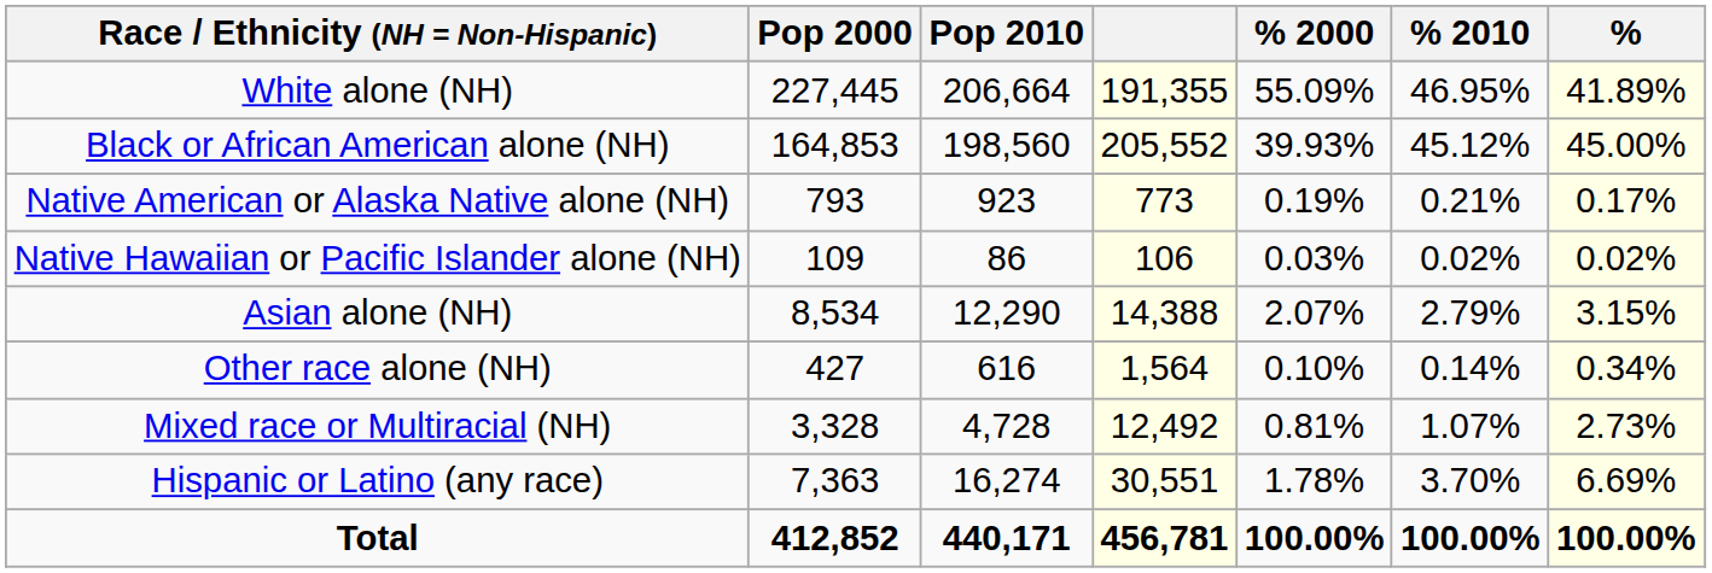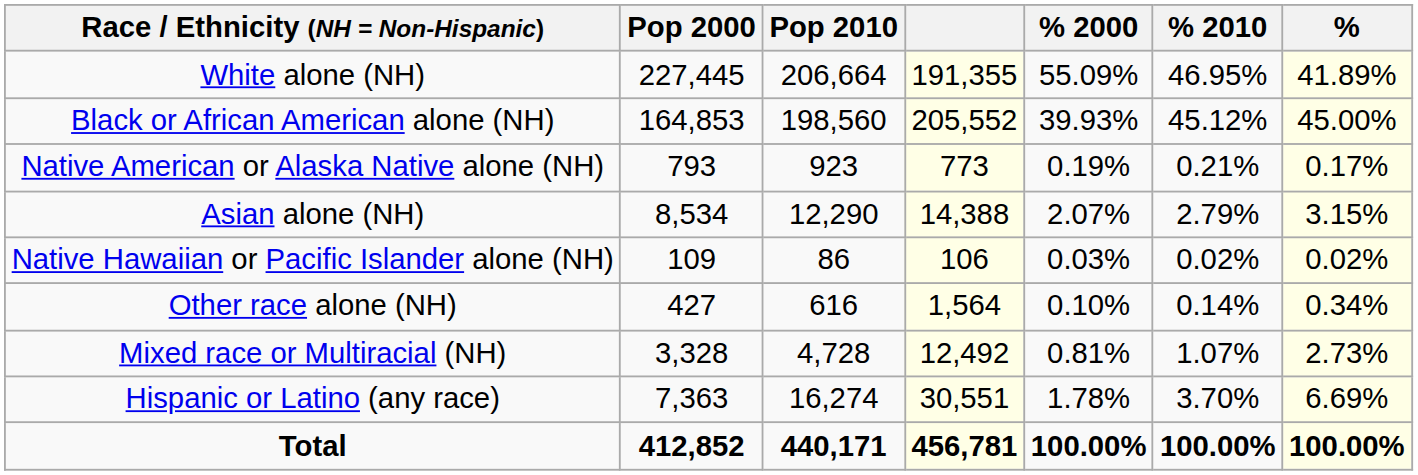 <table class="wikitable" style="text-align:center;">
 <tr>
 <th>Race / Ethnicity <small>(<em>NH = Non-Hispanic</em>)</small></th>
 <th>Pop 2000</th>
 <th>Pop 2010</th>
 <th></th>
 <th>% 2000</th>
 <th>% 2010</th>
 <th>% </th>
 </tr>
 <tr>
 <td><a href='#'>White</a> alone (NH)</td>
 <td>227,445</td>
 <td>206,664</td>
 <td style='background: #ffffe6;'>191,355</td>
 <td>55.09%</td>
 <td>46.95%</td>
 <td style='background: #ffffe6;'>41.89%</td>
 </tr>
 <tr>
 <td><a href='#'>Black or African American</a> alone (NH)</td>
 <td>164,853</td>
 <td>198,560</td>
 <td style='background: #ffffe6;'>205,552</td>
 <td>39.93%</td>
 <td>45.12%</td>
 <td style='background: #ffffe6;'>45.00%</td>
 </tr>
 <tr>
 <td><a href='#'>Native American</a> or <a href='#'>Alaska Native</a> alone (NH)</td>
 <td>793</td>
 <td>923</td>
 <td style='background: #ffffe6;'>773</td>
 <td>0.19%</td>
 <td>0.21%</td>
 <td style='background: #ffffe6;'>0.17%</td>
 </tr>
 <tr>
+<td><a href='#'>Asian</a> alone (NH)</td>
+<td>8,534</td>
+<td>12,290</td>
+<td style='background: #ffffe6;'>14,388</td>
+<td>2.07%</td>
+<td>2.79%</td>
+<td style='background: #ffffe6;'>3.15%</td>
+</tr>
+<tr>
 <td><a href='#'>Native Hawaiian</a> or <a href='#'>Pacific Islander</a> alone (NH)</td>
 <td>109</td>
 <td>86</td>
 <td style='background: #ffffe6;'>106</td>
 <td>0.03%</td>
 <td>0.02%</td>
 <td style='background: #ffffe6;'>0.02%</td>
-</tr>
-<tr>
-<td><a href='#'>Asian</a> alone (NH)</td>
-<td>8,534</td>
-<td>12,290</td>
-<td style='background: #ffffe6;'>14,388</td>
-<td>2.07%</td>
-<td>2.79%</td>
-<td style='background: #ffffe6;'>3.15%</td>
 </tr>
 <tr>
 <td><a href='#'>Other race</a> alone (NH)</td>
 <td>427</td>
 <td>616</td>
 <td style='background: #ffffe6;'>1,564</td>
 <td>0.10%</td>
 <td>0.14%</td>
 <td style='background: #ffffe6;'>0.34%</td>
 </tr>
 <tr>
 <td><a href='#'>Mixed race or Multiracial</a> (NH)</td>
 <td>3,328</td>
 <td>4,728</td>
 <td style='background: #ffffe6;'>12,492</td>
 <td>0.81%</td>
 <td>1.07%</td>
 <td style='background: #ffffe6;'>2.73%</td>
 </tr>
 <tr>
 <td><a href='#'>Hispanic or Latino</a> (any race)</td>
 <td>7,363</td>
 <td>16,274</td>
 <td style='background: #ffffe6;'>30,551</td>
 <td>1.78%</td>
 <td>3.70%</td>
 <td style='background: #ffffe6;'>6.69%</td>
 </tr>
 <tr>
 <td><strong>Total</strong></td>
 <td><strong>412,852</strong></td>
 <td><strong>440,171</strong></td>
 <td style='background: #ffffe6;'><strong>456,781</strong></td>
 <td><strong>100.00%</strong></td>
 <td><strong>100.00%</strong></td>
 <td style='background: #ffffe6;'><strong>100.00%</strong></td>
 </tr>
 </table>
